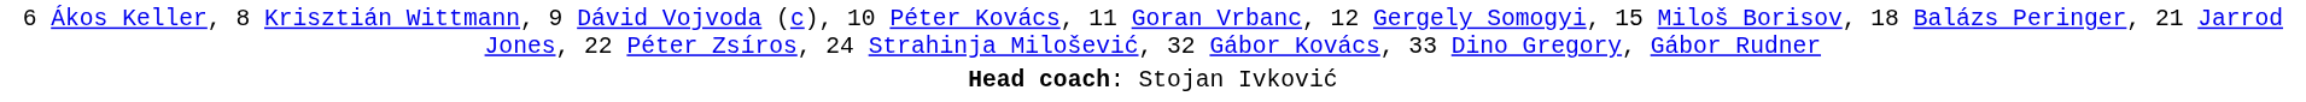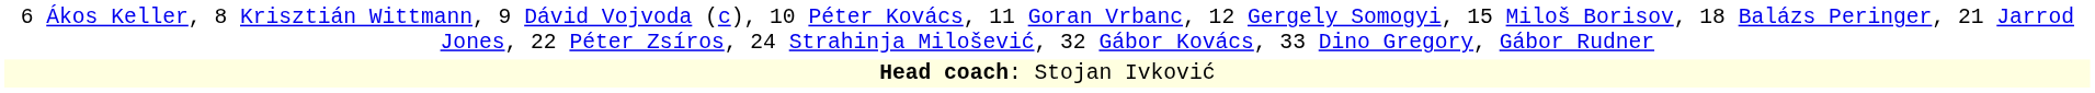 <table style="text-align: center; margin-top: 2em; margin-left: auto; margin-right: auto">
 <tr>
 <td>6 <a href='#'>Ákos Keller</a>, 8 <a href='#'>Krisztián Wittmann</a>, 9 <a href='#'>Dávid Vojvoda</a> (<a href='#'>c</a>), 10 <a href='#'>Péter Kovács</a>, 11 <a href='#'>Goran Vrbanc</a>, 12 <a href='#'>Gergely Somogyi</a>, 15 <a href='#'>Miloš Borisov</a>, 18 <a href='#'>Balázs Peringer</a>, 21 <a href='#'>Jarrod Jones</a>, 22 <a href='#'>Péter Zsíros</a>, 24 <a href='#'>Strahinja Milošević</a>, 32 <a href='#'>Gábor Kovács</a>, 33 <a href='#'>Dino Gregory</a>, <a href='#'>Gábor Rudner</a></td>
 </tr>
 <tr>
-<td><strong>Head coach</strong>: Stojan Ivković</td>
+<td style="background: lightyellow;"><strong>Head coach</strong>: Stojan Ivković</td>
 </tr>
 </table>
